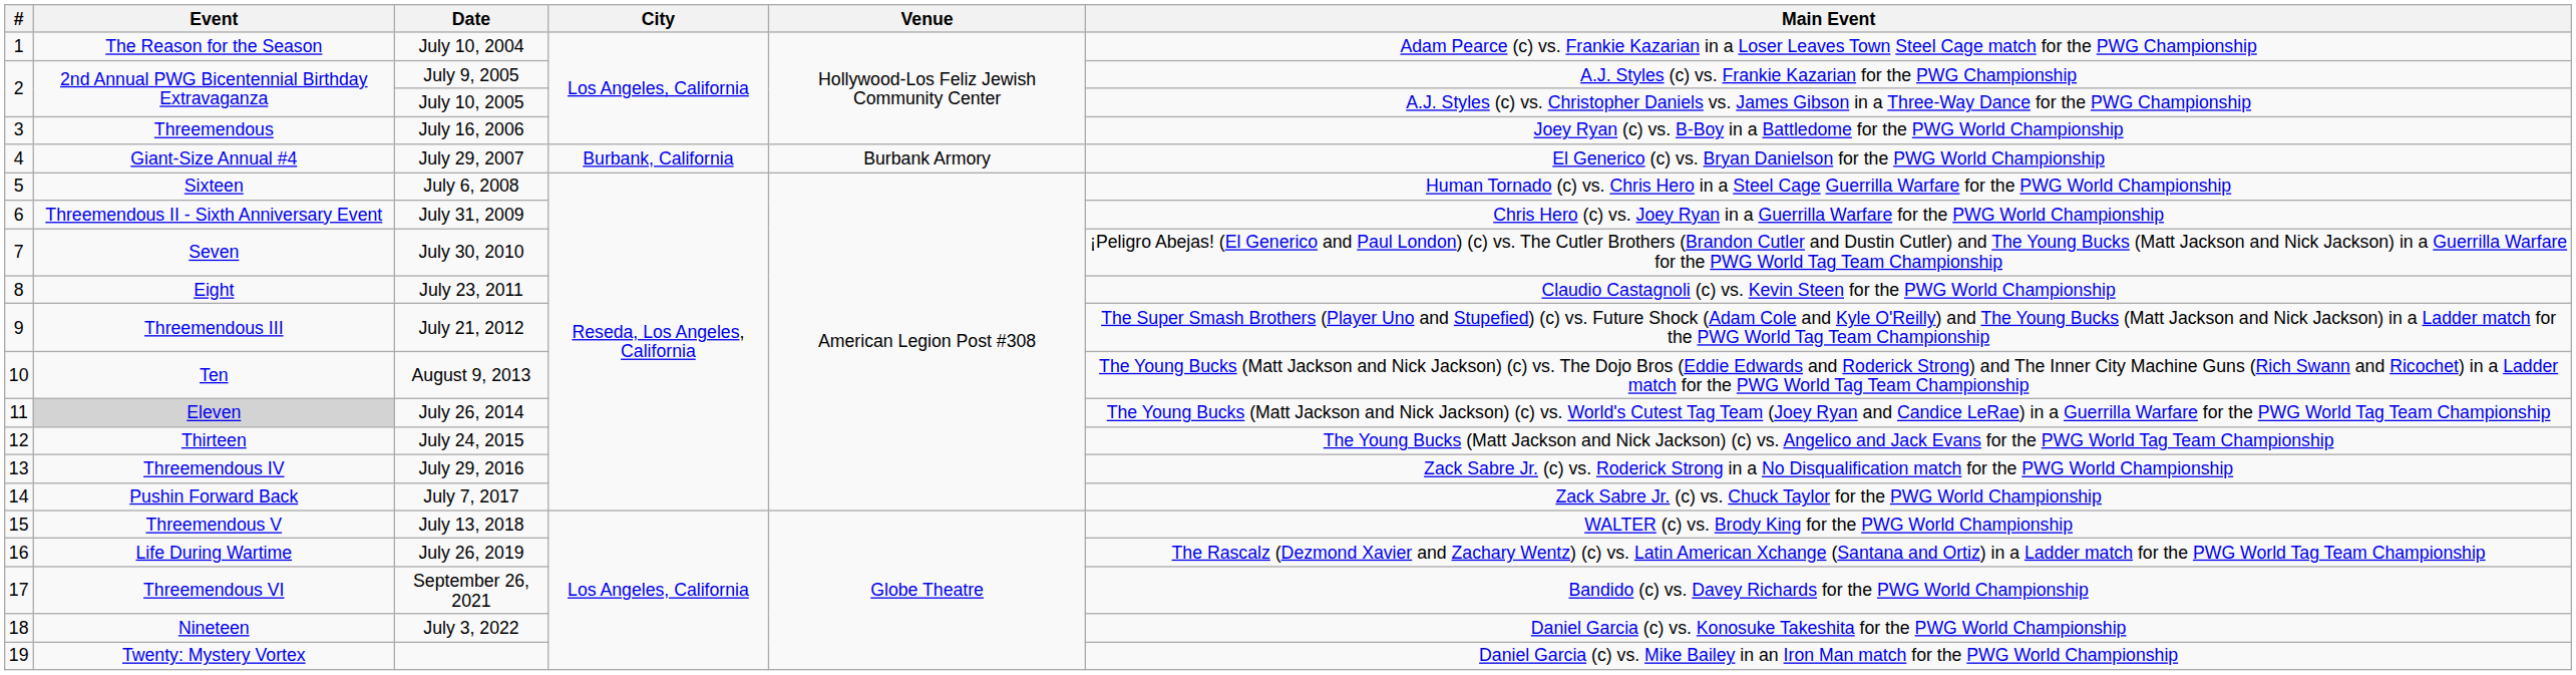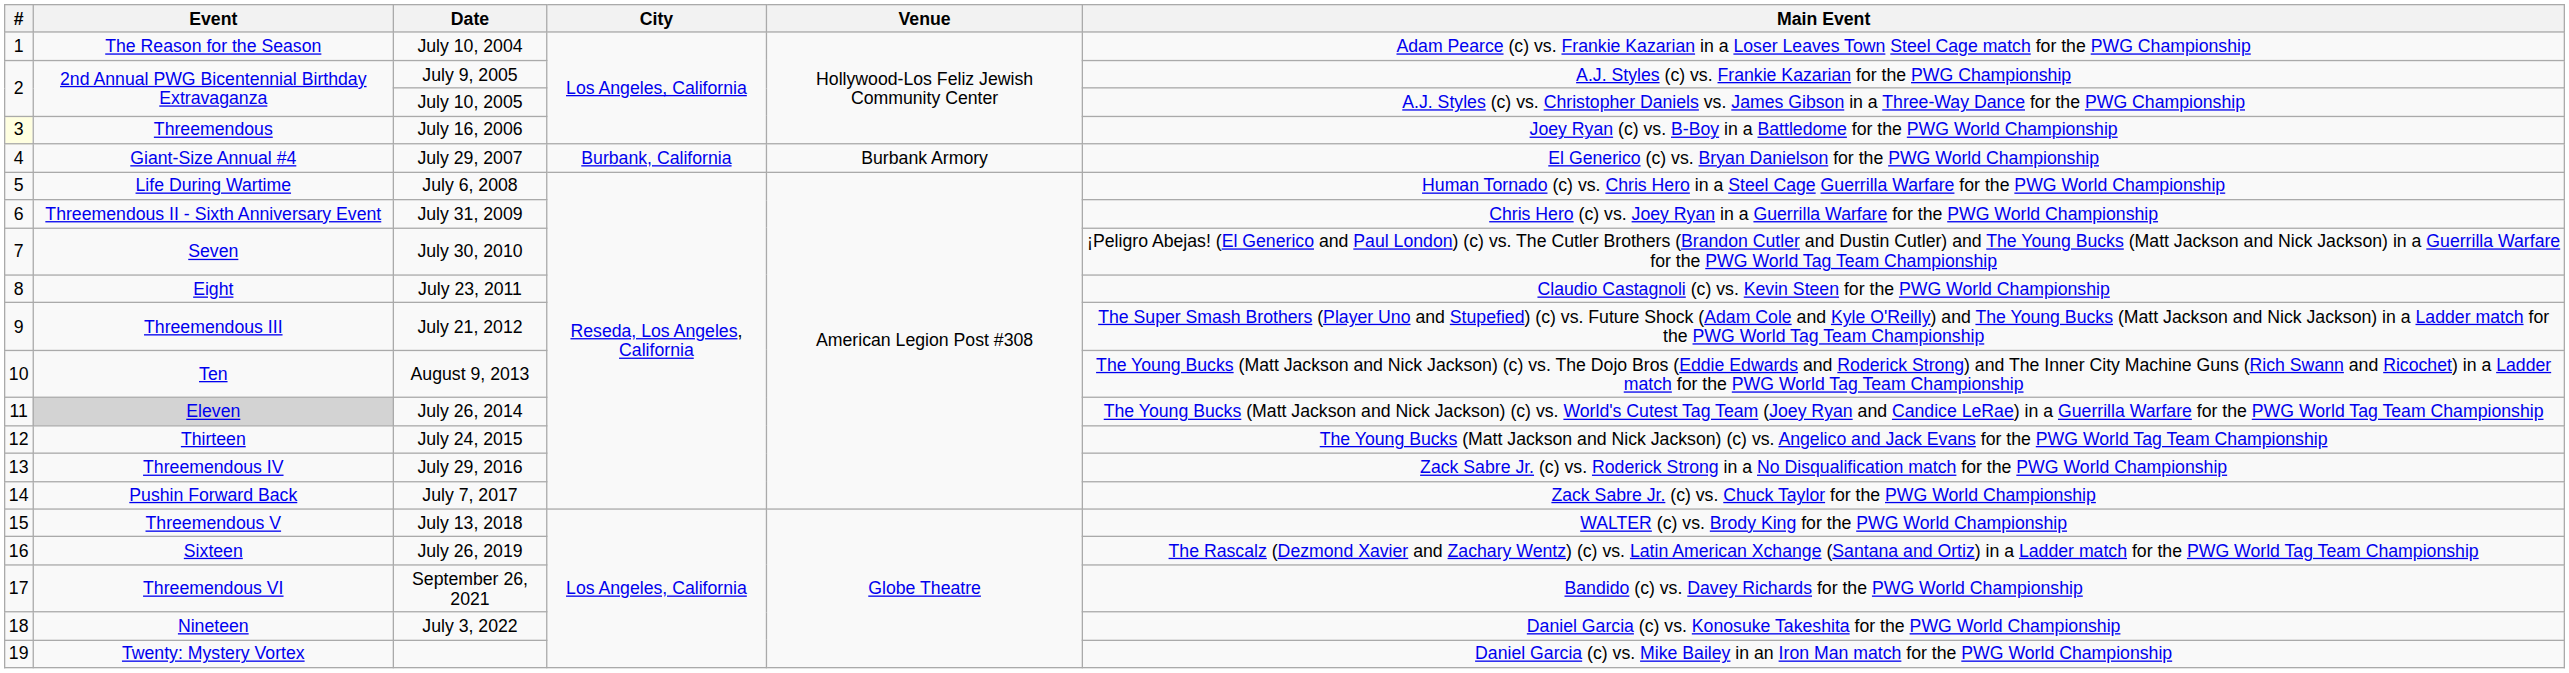 <table class="sortable wikitable succession-box" style="font-size:85%; text-align:center;">
 <tr>
 <th>#</th>
 <th>Event</th>
 <th>Date</th>
 <th>City</th>
 <th>Venue</th>
 <th>Main Event</th>
 </tr>
 <tr>
 <td>1</td>
 <td><a href='#'>The Reason for the Season</a></td>
 <td>July 10, 2004</td>
 <td rowspan="4"><a href='#'>Los Angeles, California</a></td>
 <td rowspan="4">Hollywood-Los Feliz Jewish Community Center</td>
 <td><a href='#'>Adam Pearce</a> (c) vs. <a href='#'>Frankie Kazarian</a> in a <a href='#'>Loser Leaves Town</a> <a href='#'>Steel Cage match</a> for the <a href='#'>PWG Championship</a></td>
 </tr>
 <tr>
 <td rowspan="2">2</td>
 <td rowspan="2"><a href='#'>2nd Annual PWG Bicentennial Birthday Extravaganza</a></td>
 <td>July 9, 2005</td>
 <td><a href='#'>A.J. Styles</a> (c) vs. <a href='#'>Frankie Kazarian</a> for the <a href='#'>PWG Championship</a></td>
 </tr>
 <tr>
 <td>July 10, 2005</td>
 <td><a href='#'>A.J. Styles</a> (c) vs. <a href='#'>Christopher Daniels</a> vs. <a href='#'>James Gibson</a> in a <a href='#'>Three-Way Dance</a> for the <a href='#'>PWG Championship</a></td>
 </tr>
 <tr>
-<td>3</td>
+<td style="background: lightyellow;">3</td>
 <td><a href='#'>Threemendous</a></td>
 <td>July 16, 2006</td>
 <td><a href='#'>Joey Ryan</a> (c) vs. <a href='#'>B-Boy</a> in a <a href='#'>Battledome</a> for the <a href='#'>PWG World Championship</a></td>
 </tr>
 <tr>
 <td>4</td>
 <td><a href='#'>Giant-Size Annual #4</a></td>
 <td>July 29, 2007</td>
 <td><a href='#'>Burbank, California</a></td>
 <td>Burbank Armory</td>
 <td><a href='#'>El Generico</a> (c) vs. <a href='#'>Bryan Danielson</a> for the <a href='#'>PWG World Championship</a></td>
 </tr>
 <tr>
 <td>5</td>
-<td><a href='#'>Sixteen</a></td>
+<td><a href='#'>Life During Wartime</a></td>
 <td>July 6, 2008</td>
 <td rowspan="10"><a href='#'>Reseda, Los Angeles</a>, <a href='#'>California</a></td>
 <td rowspan="10">American Legion Post #308</td>
 <td><a href='#'>Human Tornado</a> (c) vs. <a href='#'>Chris Hero</a> in a <a href='#'>Steel Cage</a> <a href='#'>Guerrilla Warfare</a> for the <a href='#'>PWG World Championship</a></td>
 </tr>
 <tr>
 <td>6</td>
 <td><a href='#'>Threemendous II - Sixth Anniversary Event</a></td>
 <td>July 31, 2009</td>
 <td><a href='#'>Chris Hero</a> (c) vs. <a href='#'>Joey Ryan</a> in a <a href='#'>Guerrilla Warfare</a> for the <a href='#'>PWG World Championship</a></td>
 </tr>
 <tr>
 <td>7</td>
 <td><a href='#'>Seven</a></td>
 <td>July 30, 2010</td>
 <td>¡Peligro Abejas! (<a href='#'>El Generico</a> and <a href='#'>Paul London</a>) (c) vs. The Cutler Brothers (<a href='#'>Brandon Cutler</a> and Dustin Cutler) and <a href='#'>The Young Bucks</a> (Matt Jackson and Nick Jackson) in a <a href='#'>Guerrilla Warfare</a> for the <a href='#'>PWG World Tag Team Championship</a></td>
 </tr>
 <tr>
 <td>8</td>
 <td><a href='#'>Eight</a></td>
 <td>July 23, 2011</td>
 <td><a href='#'>Claudio Castagnoli</a> (c) vs. <a href='#'>Kevin Steen</a> for the <a href='#'>PWG World Championship</a></td>
 </tr>
 <tr>
 <td>9</td>
 <td><a href='#'>Threemendous III</a></td>
 <td>July 21, 2012</td>
 <td><a href='#'>The Super Smash Brothers</a> (<a href='#'>Player Uno</a> and <a href='#'>Stupefied</a>) (c) vs. Future Shock (<a href='#'>Adam Cole</a> and <a href='#'>Kyle O'Reilly</a>) and <a href='#'>The Young Bucks</a> (Matt Jackson and Nick Jackson) in a <a href='#'>Ladder match</a> for the <a href='#'>PWG World Tag Team Championship</a></td>
 </tr>
 <tr>
 <td>10</td>
 <td><a href='#'>Ten</a></td>
 <td>August 9, 2013</td>
 <td><a href='#'>The Young Bucks</a> (Matt Jackson and Nick Jackson) (c) vs. The Dojo Bros (<a href='#'>Eddie Edwards</a> and <a href='#'>Roderick Strong</a>) and The Inner City Machine Guns (<a href='#'>Rich Swann</a> and <a href='#'>Ricochet</a>) in a <a href='#'>Ladder match</a> for the <a href='#'>PWG World Tag Team Championship</a></td>
 </tr>
 <tr>
 <td>11</td>
 <td style="background: lightgrey;"><a href='#'>Eleven</a></td>
 <td>July 26, 2014</td>
 <td><a href='#'>The Young Bucks</a> (Matt Jackson and Nick Jackson) (c) vs. <a href='#'>World's Cutest Tag Team</a> (<a href='#'>Joey Ryan</a> and <a href='#'>Candice LeRae</a>) in a <a href='#'>Guerrilla Warfare</a> for the <a href='#'>PWG World Tag Team Championship</a></td>
 </tr>
 <tr>
 <td>12</td>
 <td><a href='#'>Thirteen</a></td>
 <td>July 24, 2015</td>
 <td><a href='#'>The Young Bucks</a> (Matt Jackson and Nick Jackson) (c) vs. <a href='#'>Angelico and Jack Evans</a> for the <a href='#'>PWG World Tag Team Championship</a></td>
 </tr>
 <tr>
 <td>13</td>
 <td><a href='#'>Threemendous IV</a></td>
 <td>July 29, 2016</td>
 <td><a href='#'>Zack Sabre Jr.</a> (c) vs. <a href='#'>Roderick Strong</a> in a <a href='#'>No Disqualification match</a> for the <a href='#'>PWG World Championship</a></td>
 </tr>
 <tr>
 <td>14</td>
 <td><a href='#'>Pushin Forward Back</a></td>
 <td>July 7, 2017</td>
 <td><a href='#'>Zack Sabre Jr.</a> (c) vs. <a href='#'>Chuck Taylor</a> for the <a href='#'>PWG World Championship</a></td>
 </tr>
 <tr>
 <td>15</td>
 <td><a href='#'>Threemendous V</a></td>
 <td>July 13, 2018</td>
 <td rowspan="5"><a href='#'>Los Angeles, California</a></td>
 <td rowspan="5"><a href='#'>Globe Theatre</a></td>
 <td><a href='#'>WALTER</a> (c) vs. <a href='#'>Brody King</a> for the <a href='#'>PWG World Championship</a></td>
 </tr>
 <tr>
 <td>16</td>
-<td><a href='#'>Life During Wartime</a></td>
+<td><a href='#'>Sixteen</a></td>
 <td>July 26, 2019</td>
 <td><a href='#'>The Rascalz</a> (<a href='#'>Dezmond Xavier</a> and <a href='#'>Zachary Wentz</a>) (c) vs. <a href='#'>Latin American Xchange</a> (<a href='#'>Santana and Ortiz</a>) in a <a href='#'>Ladder match</a> for the <a href='#'>PWG World Tag Team Championship</a></td>
 </tr>
 <tr>
 <td>17</td>
 <td><a href='#'>Threemendous VI</a></td>
 <td>September 26, 2021</td>
 <td><a href='#'>Bandido</a> (c) vs. <a href='#'>Davey Richards</a> for the <a href='#'>PWG World Championship</a></td>
 </tr>
 <tr>
 <td>18</td>
 <td><a href='#'>Nineteen</a></td>
 <td>July 3, 2022</td>
 <td><a href='#'>Daniel Garcia</a> (c) vs. <a href='#'>Konosuke Takeshita</a> for the <a href='#'>PWG World Championship</a></td>
 </tr>
 <tr>
 <td>19</td>
 <td><a href='#'>Twenty: Mystery Vortex</a></td>
 <td></td>
 <td><a href='#'>Daniel Garcia</a> (c) vs. <a href='#'>Mike Bailey</a> in an <a href='#'>Iron Man match</a> for the <a href='#'>PWG World Championship</a></td>
 </tr>
 </table>
